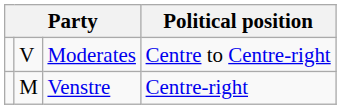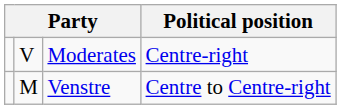 <table class="wikitable">
 <tr>
 <th colspan="3">Party</th>
 <th>Political position</th>
 </tr>
 <tr>
 <td></td>
 <td>V</td>
 <td><a href='#'>Moderates</a></td>
-<td><a href='#'>Centre</a> to <a href='#'>Centre-right</a></td>
+<td><a href='#'>Centre-right</a></td>
 </tr>
 <tr>
 <td></td>
 <td>M</td>
 <td><a href='#'>Venstre</a></td>
-<td><a href='#'>Centre-right</a></td>
+<td><a href='#'>Centre</a> to <a href='#'>Centre-right</a></td>
 </tr>
 </table>
